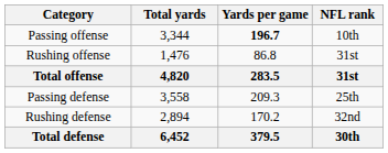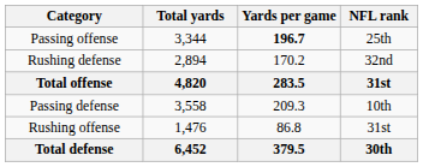 <table class="wikitable" style="text-align:center">
 <tr>
 <th width="150">Category</th>
 <th width="100">Total yards</th>
 <th width="110">Yards per game</th>
 <th width="80">NFL rank<br></th>
 </tr>
 <tr>
 <td>Passing offense</td>
 <td>3,344</td>
 <td><strong>196.7</strong></td>
-<td>10th</td>
+<td>25th</td>
 </tr>
 <tr>
-<td>Rushing offense</td>
-<td>1,476</td>
-<td>86.8</td>
-<td>31st</td>
+<td>Rushing defense</td>
+<td>2,894</td>
+<td>170.2</td>
+<td>32nd</td>
 </tr>
 <tr>
 <th>Total offense</th>
 <th>4,820</th>
 <th>283.5</th>
 <th>31st</th>
 </tr>
 <tr>
 <td>Passing defense</td>
 <td>3,558</td>
 <td>209.3</td>
-<td>25th</td>
+<td>10th</td>
 </tr>
 <tr>
-<td>Rushing defense</td>
-<td>2,894</td>
-<td>170.2</td>
-<td>32nd</td>
+<td>Rushing offense</td>
+<td>1,476</td>
+<td>86.8</td>
+<td>31st</td>
 </tr>
 <tr>
 <th>Total defense</th>
 <th>6,452</th>
 <th>379.5</th>
 <th>30th</th>
 </tr>
 </table>
